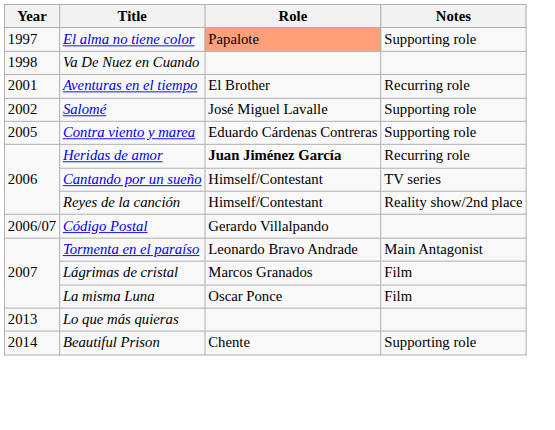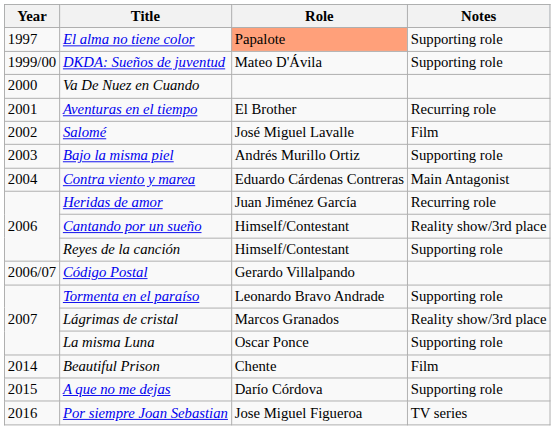 <table class="wikitable">
 <tr style="background:#b0c4de;">
 <th>Year</th>
 <th>Title</th>
 <th>Role</th>
 <th>Notes</th>
 </tr>
 <tr>
 <td>1997</td>
 <td><em><a href='#'>El alma no tiene color</a></em></td>
 <td style="background: lightsalmon;">Papalote</td>
 <td>Supporting role</td>
 </tr>
 <tr>
-<td>1998</td>
+<td>1999/00</td>
+<td><em><a href='#'>DKDA: Sueños de juventud</a></em></td>
+<td>Mateo D'Ávila</td>
+<td>Supporting role</td>
+</tr>
+<tr>
+<td>2000</td>
 <td><em>Va De Nuez en Cuando</em></td>
 <td></td>
 <td></td>
 </tr>
 <tr>
 <td>2001</td>
 <td><em><a href='#'>Aventuras en el tiempo</a></em></td>
 <td>El Brother</td>
 <td>Recurring role</td>
 </tr>
 <tr>
 <td>2002</td>
 <td><em><a href='#'>Salomé</a></em></td>
 <td>José Miguel Lavalle</td>
+<td>Film</td>
+</tr>
+<tr>
+<td>2003</td>
+<td><em><a href='#'>Bajo la misma piel</a></em></td>
+<td>Andrés Murillo Ortiz</td>
 <td>Supporting role</td>
 </tr>
 <tr>
-<td>2005</td>
+<td>2004</td>
 <td><em><a href='#'>Contra viento y marea</a></em></td>
 <td>Eduardo Cárdenas Contreras</td>
-<td>Supporting role</td>
+<td>Main Antagonist</td>
 </tr>
 <tr>
 <td rowspan=3>2006</td>
 <td><em><a href='#'>Heridas de amor</a></em></td>
-<td><strong>Juan Jiménez García</strong></td>
+<td>Juan Jiménez García</td>
 <td>Recurring role</td>
 </tr>
 <tr>
 <td><em><a href='#'>Cantando por un sueño</a></em></td>
 <td>Himself/Contestant</td>
-<td>TV series</td>
+<td>Reality show/3rd place</td>
 </tr>
 <tr>
 <td><em>Reyes de la canción</em></td>
 <td>Himself/Contestant</td>
-<td>Reality show/2nd place</td>
+<td>Supporting role</td>
 </tr>
 <tr>
 <td>2006/07</td>
 <td><em><a href='#'>Código Postal</a></em></td>
 <td>Gerardo Villalpando</td>
 <td></td>
 </tr>
 <tr>
 <td rowspan=3>2007</td>
 <td><em><a href='#'>Tormenta en el paraíso</a></em></td>
 <td>Leonardo Bravo Andrade</td>
-<td>Main Antagonist</td>
+<td>Supporting role</td>
 </tr>
 <tr>
 <td><em>Lágrimas de cristal</em></td>
 <td>Marcos Granados</td>
-<td>Film</td>
+<td>Reality show/3rd place</td>
 </tr>
 <tr>
 <td><em>La misma Luna</em></td>
 <td>Oscar Ponce</td>
-<td>Film</td>
-</tr>
-<tr>
-<td>2013</td>
-<td><em>Lo que más quieras</em></td>
-<td></td>
-<td></td>
+<td>Supporting role</td>
 </tr>
 <tr>
 <td>2014</td>
 <td><em>Beautiful Prison</em></td>
 <td>Chente</td>
+<td>Film</td>
+</tr>
+<tr>
+<td>2015</td>
+<td><em><a href='#'>A que no me dejas</a></em></td>
+<td>Darío Córdova</td>
 <td>Supporting role</td>
 </tr>
+<tr>
+<td>2016</td>
+<td><em><a href='#'>Por siempre Joan Sebastian</a></em></td>
+<td>Jose Miguel Figueroa</td>
+<td>TV series</td>
+</tr>
 </table>
